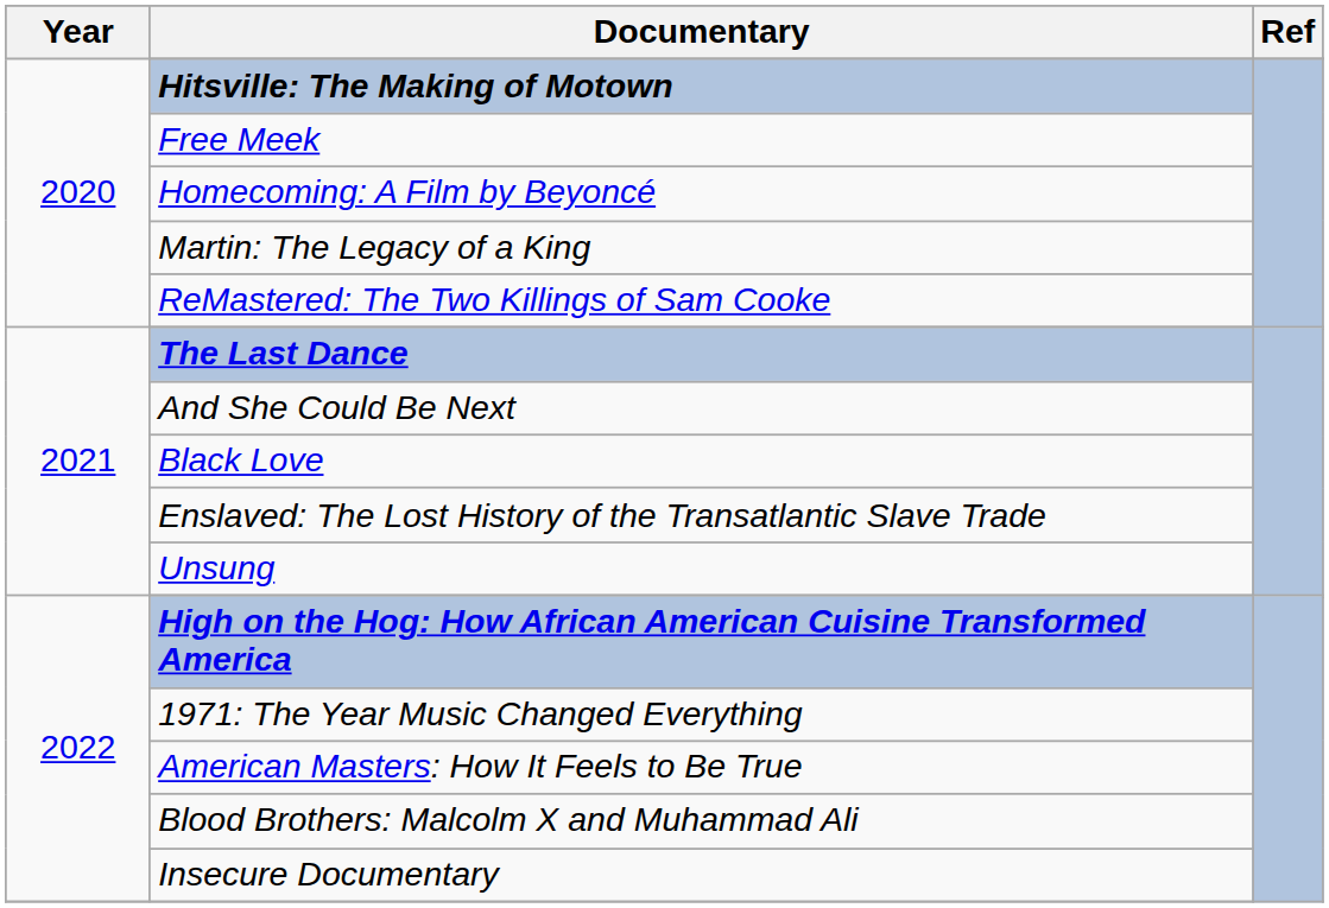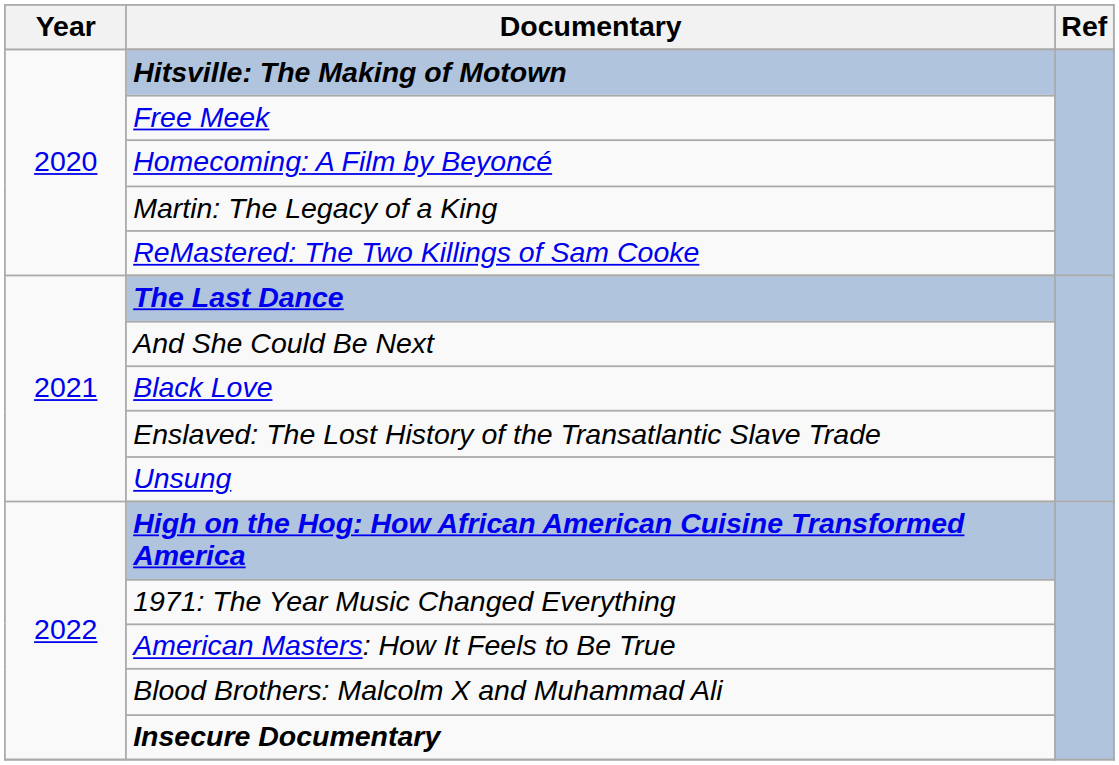 <table class="wikitable" style="width:100%;">
 <tr style="background:#bebebe;">
 <th style="width:11%;">Year</th>
 <th style="width:84%;">Documentary</th>
 <th style="width:5%;">Ref</th>
 </tr>
 <tr>
 <td rowspan="6" align="center"><a href='#'>2020</a></td>
 </tr>
 <tr style="background:#B0C4DE">
 <td><strong><em>Hitsville: The Making of Motown</em></strong></td>
 <td rowspan="6" align="center"></td>
 </tr>
 <tr>
 <td><em><a href='#'>Free Meek</a></em></td>
 </tr>
 <tr>
 <td><em><a href='#'>Homecoming: A Film by Beyoncé</a></em></td>
 </tr>
 <tr>
 <td><em>Martin: The Legacy of a King</em></td>
 </tr>
 <tr>
 <td><em><a href='#'>ReMastered: The Two Killings of Sam Cooke</a></em></td>
 </tr>
 <tr>
 <td rowspan="6" align="center"><a href='#'>2021</a></td>
 </tr>
 <tr style="background:#B0C4DE">
 <td><strong><em><a href='#'>The Last Dance</a></em></strong></td>
 <td rowspan="6" align="center"></td>
 </tr>
 <tr>
 <td><em>And She Could Be Next</em></td>
 </tr>
 <tr>
 <td><em><a href='#'>Black Love</a></em></td>
 </tr>
 <tr>
 <td><em>Enslaved: The Lost History of the Transatlantic Slave Trade</em></td>
 </tr>
 <tr>
 <td><em><a href='#'>Unsung</a></em></td>
 </tr>
 <tr>
 <td rowspan="6" align="center"><a href='#'>2022</a></td>
 </tr>
 <tr style="background:#B0C4DE">
 <td><strong><em><a href='#'>High on the Hog: How African American Cuisine Transformed America   </a></em></strong></td>
 <td rowspan="6" align="center"></td>
 </tr>
 <tr>
 <td><em>1971: The Year Music Changed Everything</em></td>
 </tr>
 <tr>
 <td><em><a href='#'>American Masters</a>: How It Feels to Be True</em></td>
 </tr>
 <tr>
 <td><em>Blood Brothers: Malcolm X and Muhammad Ali</em></td>
 </tr>
 <tr>
-<td><em>Insecure Documentary</em></td>
+<td><strong><em>Insecure Documentary</em></strong></td>
 </tr>
 <tr>
 </tr>
 </table>
